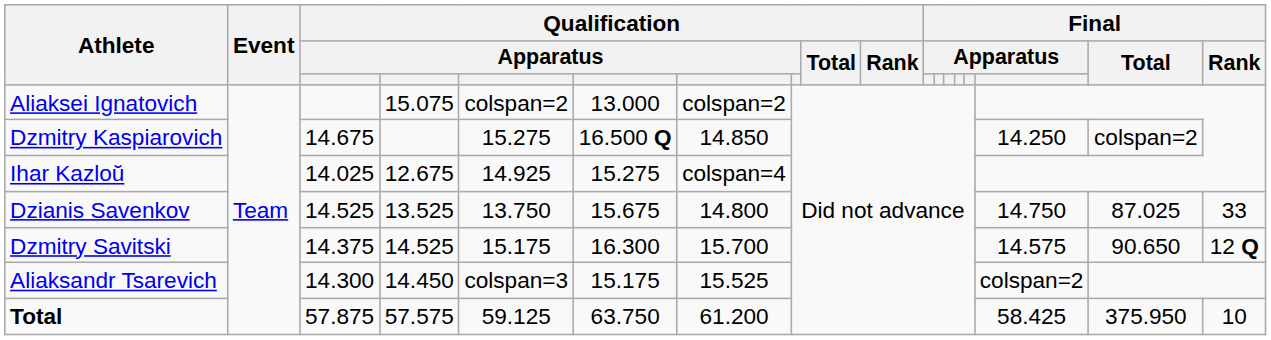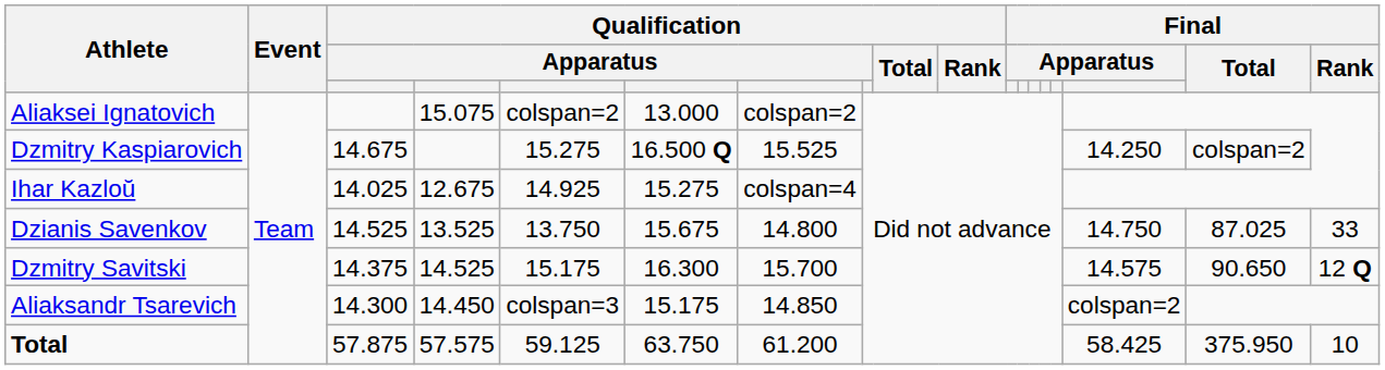 <table class="wikitable" style="font-size:90%">
 <tr>
 <th rowspan=3>Athlete</th>
 <th rowspan=3>Event</th>
 <th colspan =8>Qualification</th>
 <th colspan =8>Final</th>
 </tr>
 <tr style="font-size:95%">
 <th colspan=6>Apparatus</th>
 <th rowspan=2>Total</th>
 <th rowspan=2>Rank</th>
 <th colspan=6>Apparatus</th>
 <th rowspan=2>Total</th>
 <th rowspan=2>Rank</th>
 </tr>
 <tr style="font-size:95%">
 <th></th>
 <th></th>
 <th></th>
 <th></th>
 <th></th>
 <th></th>
 <th></th>
 <th></th>
 <th></th>
 <th></th>
 <th></th>
 <th></th>
 </tr>
 <tr align=center>
 <td align=left><a href='#'>Aliaksei Ignatovich</a></td>
 <td rowspan=7 align=left><a href='#'>Team</a></td>
 <td></td>
 <td>15.075</td>
 <td>colspan=2 </td>
 <td>13.000</td>
 <td>colspan=2 </td>
 <td rowspan=7 colspan=8>Did not advance</td>
 </tr>
 <tr align=center>
 <td align=left><a href='#'>Dzmitry Kaspiarovich</a></td>
 <td>14.675</td>
 <td></td>
 <td>15.275</td>
 <td>16.500 <strong>Q</strong></td>
-<td>14.850</td>
+<td>15.525</td>
 <td>14.250</td>
 <td>colspan=2 </td>
 </tr>
 <tr align=center>
 <td align=left><a href='#'>Ihar Kazloŭ</a></td>
 <td>14.025</td>
 <td>12.675</td>
 <td>14.925</td>
 <td>15.275</td>
 <td>colspan=4 </td>
 </tr>
 <tr align=center>
 <td align=left><a href='#'>Dzianis Savenkov</a></td>
 <td>14.525</td>
 <td>13.525</td>
 <td>13.750</td>
 <td>15.675</td>
 <td>14.800</td>
 <td>14.750</td>
 <td>87.025</td>
 <td>33</td>
 </tr>
 <tr align=center>
 <td align=left><a href='#'>Dzmitry Savitski</a></td>
 <td>14.375</td>
 <td>14.525</td>
 <td>15.175</td>
 <td>16.300</td>
 <td>15.700</td>
 <td>14.575</td>
 <td>90.650</td>
 <td>12 <strong>Q</strong></td>
 </tr>
 <tr align=center>
 <td align=left><a href='#'>Aliaksandr Tsarevich</a></td>
 <td>14.300</td>
 <td>14.450</td>
 <td>colspan=3 </td>
 <td>15.175</td>
-<td>15.525</td>
+<td>14.850</td>
 <td>colspan=2 </td>
 </tr>
 <tr align=center>
 <td align=left><strong>Total</strong></td>
 <td>57.875</td>
 <td>57.575</td>
 <td>59.125</td>
 <td>63.750</td>
 <td>61.200</td>
 <td>58.425</td>
 <td>375.950</td>
 <td>10</td>
 </tr>
 </table>
